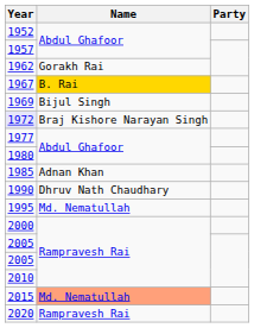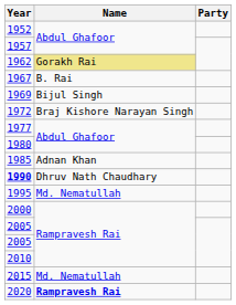 <table class="wikitable sortable">
 <tr>
 <th>Year</th>
 <th>Name</th>
 <th colspan="2">Party</th>
 </tr>
 <tr>
 <td><a href='#'>1952</a></td>
 <td rowspan="2"><a href='#'>Abdul Ghafoor</a></td>
 <td></td>
 </tr>
 <tr>
 <td><a href='#'>1957</a></td>
 </tr>
 <tr>
 <td><a href='#'>1962</a></td>
-<td>Gorakh Rai</td>
+<td style="background: khaki;">Gorakh Rai</td>
 </tr>
 <tr>
 <td><a href='#'>1967</a></td>
-<td style="background: gold;">B. Rai</td>
+<td>B. Rai</td>
 <td></td>
 </tr>
 <tr>
 <td><a href='#'>1969</a></td>
 <td>Bijul Singh</td>
 <td></td>
 </tr>
 <tr>
-<td style="background: lavender;"><a href='#'>1972</a></td>
+<td><a href='#'>1972</a></td>
 <td>Braj Kishore Narayan Singh</td>
 <td></td>
 </tr>
 <tr>
 <td><a href='#'>1977</a></td>
 <td rowspan="2"><a href='#'>Abdul Ghafoor</a></td>
 <td></td>
 </tr>
 <tr>
 <td><a href='#'>1980</a></td>
 <td></td>
 </tr>
 <tr>
 <td><a href='#'>1985</a></td>
 <td>Adnan Khan</td>
 <td></td>
 </tr>
 <tr>
-<td><a href='#'>1990</a></td>
+<td><strong><a href='#'>1990</a></strong></td>
 <td>Dhruv Nath Chaudhary</td>
 <td></td>
 </tr>
 <tr>
 <td><a href='#'>1995</a></td>
 <td><a href='#'>Md. Nematullah</a></td>
 <td></td>
 </tr>
 <tr>
 <td><a href='#'>2000</a></td>
 <td rowspan="4"><a href='#'>Rampravesh Rai</a></td>
 <td></td>
 </tr>
 <tr>
 <td><a href='#'>2005</a></td>
 </tr>
 <tr>
 <td><a href='#'>2005</a></td>
 </tr>
 <tr>
 <td><a href='#'>2010</a></td>
 </tr>
 <tr>
 <td><a href='#'>2015</a></td>
-<td style="background: lightsalmon;"><a href='#'>Md. Nematullah</a></td>
+<td><a href='#'>Md. Nematullah</a></td>
 <td></td>
 </tr>
 <tr>
 <td><a href='#'>2020</a></td>
-<td><a href='#'>Rampravesh Rai</a></td>
+<td><strong><a href='#'>Rampravesh Rai</a></strong></td>
 <td></td>
 </tr>
 </table>
